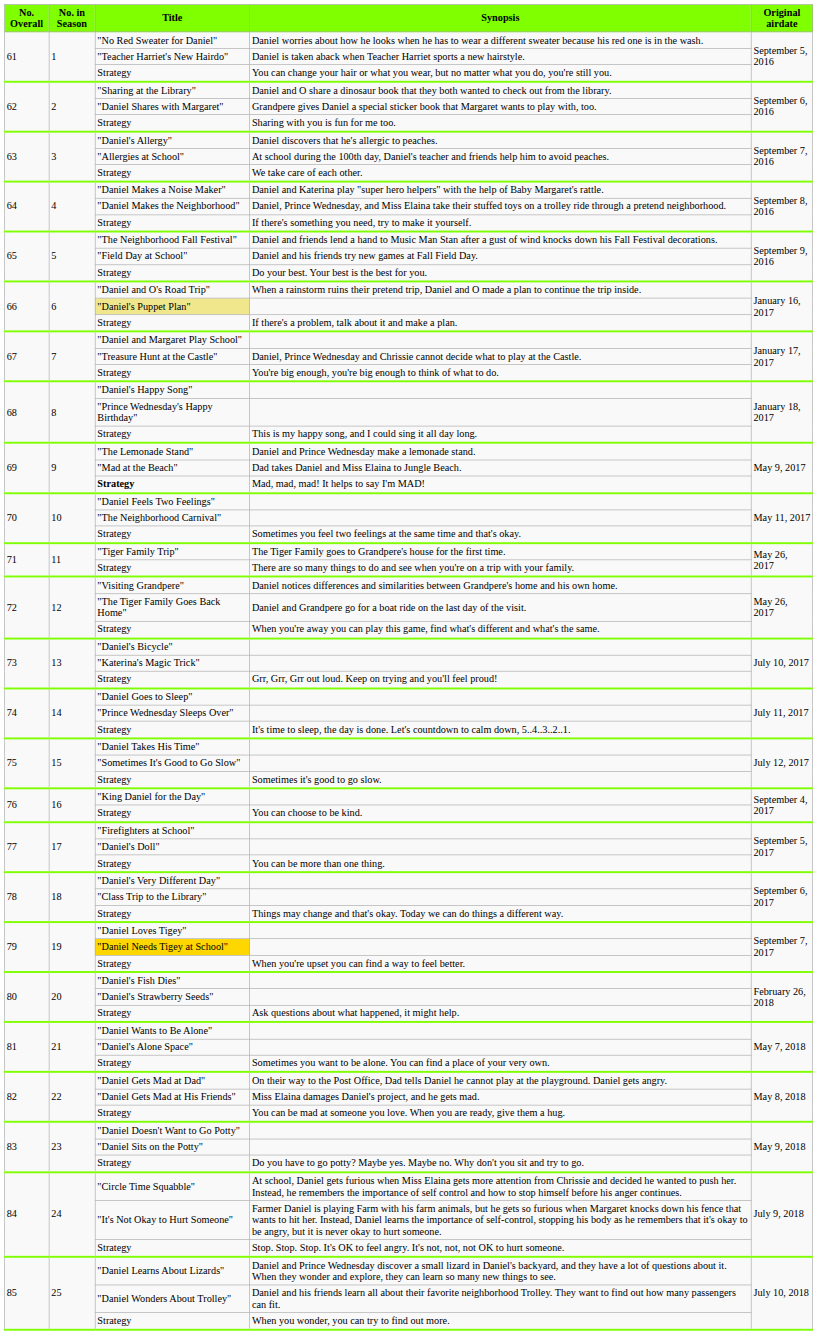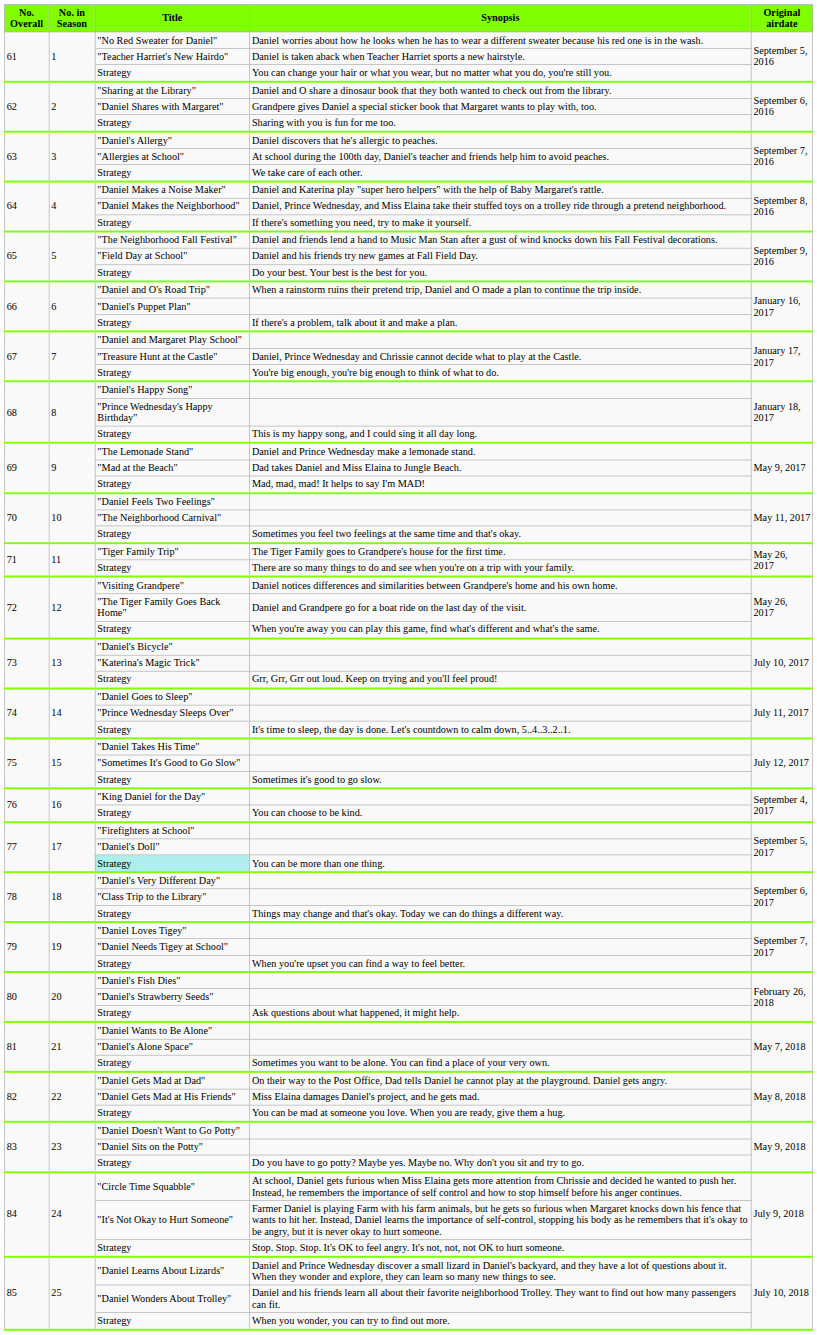 <table style="width:100%;" class="wikitable plainrowheaders">
 <tr>
 <th style="background:#7FFF00">No. Overall</th>
 <th style="background:#7FFF00">No. in Season</th>
 <th style="background:#7FFF00">Title</th>
 <th style="background:#7FFF00">Synopsis</th>
 <th style="background:#7FFF00">Original airdate</th>
 </tr>
 <tr>
 <td rowspan="3" style="border-bottom: 3px solid #7FFF00;">61</td>
 <td rowspan="3" style="border-bottom: 3px solid #7FFF00;">1</td>
 <td style="white-space:nowrap">"No Red Sweater for Daniel"</td>
 <td>Daniel worries about how he looks when he has to wear a different sweater because his red one is in the wash.</td>
 <td rowspan="3" style="border-bottom: 3px solid #7FFF00;">September 5, 2016</td>
 </tr>
 <tr>
 <td>"Teacher Harriet's New Hairdo"</td>
 <td>Daniel is taken aback when Teacher Harriet sports a new hairstyle.</td>
 </tr>
 <tr>
 <td style="border-bottom: 3px solid #7FFF00;">Strategy</td>
 <td style="border-bottom: 3px solid #7FFF00;">You can change your hair or what you wear, but no matter what you do, you're still you.</td>
 </tr>
 <tr>
 <td rowspan="3" style="border-bottom: 3px solid #7FFF00;">62</td>
 <td rowspan="3" style="border-bottom: 3px solid #7FFF00;">2</td>
 <td style="white-space:nowrap">"Sharing at the Library"</td>
 <td>Daniel and O share a dinosaur book that they both wanted to check out from the library.</td>
 <td rowspan="3" style="border-bottom: 3px solid #7FFF00;">September 6, 2016</td>
 </tr>
 <tr>
 <td>"Daniel Shares with Margaret"</td>
 <td>Grandpere gives Daniel a special sticker book that Margaret wants to play with, too.</td>
 </tr>
 <tr>
 <td style="border-bottom: 3px solid #7FFF00;">Strategy</td>
 <td style="border-bottom: 3px solid #7FFF00;">Sharing with you is fun for me too.</td>
 </tr>
 <tr>
 <td rowspan="3" style="border-bottom: 3px solid #7FFF00;">63</td>
 <td rowspan="3" style="border-bottom: 3px solid #7FFF00;">3</td>
 <td style="white-space:nowrap">"Daniel's Allergy"</td>
 <td>Daniel discovers that he's allergic to peaches.</td>
 <td rowspan="3" style="border-bottom: 3px solid #7FFF00;">September 7, 2016</td>
 </tr>
 <tr>
 <td>"Allergies at School"</td>
 <td>At school during the 100th day, Daniel's teacher and friends help him to avoid peaches.</td>
 </tr>
 <tr>
 <td style="border-bottom: 3px solid #7FFF00;">Strategy</td>
 <td style="border-bottom: 3px solid #7FFF00;">We take care of each other.</td>
 </tr>
 <tr>
 <td rowspan="3" style="border-bottom: 3px solid #7FFF00;">64</td>
 <td rowspan="3" style="border-bottom: 3px solid #7FFF00;">4</td>
 <td style="white-space:nowrap">"Daniel Makes a Noise Maker"</td>
 <td>Daniel and Katerina play "super hero helpers" with the help of Baby Margaret's rattle.</td>
 <td rowspan="3" style="border-bottom: 3px solid #7FFF00;">September 8, 2016</td>
 </tr>
 <tr>
 <td>"Daniel Makes the Neighborhood"</td>
 <td>Daniel, Prince Wednesday, and Miss Elaina take their stuffed toys on a trolley ride through a pretend neighborhood.</td>
 </tr>
 <tr>
 <td style="border-bottom: 3px solid #7FFF00;">Strategy</td>
 <td style="border-bottom: 3px solid #7FFF00;">If there's something you need, try to make it yourself.</td>
 </tr>
 <tr>
 <td rowspan="3" style="border-bottom: 3px solid #7FFF00;">65</td>
 <td rowspan="3" style="border-bottom: 3px solid #7FFF00;">5</td>
 <td style="white-space:nowrap">"The Neighborhood Fall Festival"</td>
 <td>Daniel and friends lend a hand to Music Man Stan after a gust of wind knocks down his Fall Festival decorations.</td>
 <td rowspan="3" style="border-bottom: 3px solid #7FFF00;">September 9, 2016</td>
 </tr>
 <tr>
 <td>"Field Day at School"</td>
 <td>Daniel and his friends try new games at Fall Field Day.</td>
 </tr>
 <tr>
 <td style="border-bottom: 3px solid #7FFF00;">Strategy</td>
 <td style="border-bottom: 3px solid #7FFF00;">Do your best. Your best is the best for you.</td>
 </tr>
 <tr>
 <td rowspan="3" style="border-bottom: 3px solid #7FFF00;">66</td>
 <td rowspan="3" style="border-bottom: 3px solid #7FFF00;">6</td>
 <td style="white-space:nowrap">"Daniel and O's Road Trip"</td>
 <td>When a rainstorm ruins their pretend trip, Daniel and O made a plan to continue the trip inside.</td>
 <td rowspan="3" style="border-bottom: 3px solid #7FFF00;">January 16, 2017</td>
 </tr>
 <tr>
-<td style="background: khaki;">"Daniel's Puppet Plan"</td>
+<td>"Daniel's Puppet Plan"</td>
 <td></td>
 </tr>
 <tr>
 <td style="border-bottom: 3px solid #7FFF00;">Strategy</td>
 <td style="border-bottom: 3px solid #7FFF00;">If there's a problem, talk about it and make a plan.</td>
 </tr>
 <tr>
 <td rowspan="3" style="border-bottom: 3px solid #7FFF00;">67</td>
 <td rowspan="3" style="border-bottom: 3px solid #7FFF00;">7</td>
 <td style="white-space:nowrap">"Daniel and Margaret Play School"</td>
 <td></td>
 <td rowspan="3" style="border-bottom: 3px solid #7FFF00;">January 17, 2017</td>
 </tr>
 <tr>
 <td>"Treasure Hunt at the Castle"</td>
 <td>Daniel, Prince Wednesday and Chrissie cannot decide what to play at the Castle.</td>
 </tr>
 <tr>
 <td style="border-bottom: 3px solid #7FFF00;">Strategy</td>
 <td style="border-bottom: 3px solid #7FFF00;">You're big enough, you're big enough to think of what to do.</td>
 </tr>
 <tr>
 <td rowspan="3" style="border-bottom: 3px solid #7FFF00;">68</td>
 <td rowspan="3" style="border-bottom: 3px solid #7FFF00;">8</td>
 <td style="white-space:nowrap">"Daniel's Happy Song"</td>
 <td></td>
 <td rowspan="3" style="border-bottom: 3px solid #7FFF00;">January 18, 2017</td>
 </tr>
 <tr>
 <td>"Prince Wednesday's Happy Birthday"</td>
 <td></td>
 </tr>
 <tr>
 <td style="border-bottom: 3px solid #7FFF00;">Strategy</td>
 <td style="border-bottom: 3px solid #7FFF00;">This is my happy song, and I could sing it all day long.</td>
 </tr>
 <tr>
 <td rowspan="3" style="border-bottom: 3px solid #7FFF00;">69</td>
 <td rowspan="3" style="border-bottom: 3px solid #7FFF00;">9</td>
 <td style="white-space:nowrap">"The Lemonade Stand"</td>
 <td>Daniel and Prince Wednesday make a lemonade stand.</td>
 <td rowspan="3" style="border-bottom: 3px solid #7FFF00;">May 9, 2017</td>
 </tr>
 <tr>
 <td>"Mad at the Beach"</td>
 <td>Dad takes Daniel and Miss Elaina to Jungle Beach.</td>
 </tr>
 <tr>
-<td style="border-bottom: 3px solid #7FFF00;"><strong>Strategy</strong></td>
+<td style="border-bottom: 3px solid #7FFF00;">Strategy</td>
 <td style="border-bottom: 3px solid #7FFF00;">Mad, mad, mad! It helps to say I'm MAD!</td>
 </tr>
 <tr>
 <td rowspan="3" style="border-bottom: 3px solid #7FFF00;">70</td>
 <td rowspan="3" style="border-bottom: 3px solid #7FFF00;">10</td>
 <td style="white-space:nowrap">"Daniel Feels Two Feelings"</td>
 <td></td>
 <td rowspan="3" style="border-bottom: 3px solid #7FFF00;">May 11, 2017</td>
 </tr>
 <tr>
 <td>"The Neighborhood Carnival"</td>
 <td></td>
 </tr>
 <tr>
 <td style="border-bottom: 3px solid #7FFF00;">Strategy</td>
 <td style="border-bottom: 3px solid #7FFF00;">Sometimes you feel two feelings at the same time and that's okay.</td>
 </tr>
 <tr>
 <td rowspan="2" style="border-bottom: 3px solid #7FFF00;">71</td>
 <td rowspan="2" style="border-bottom: 3px solid #7FFF00;">11</td>
 <td style="white-space:nowrap">"Tiger Family Trip"</td>
 <td>The Tiger Family goes to Grandpere's house for the first time.</td>
 <td rowspan="2" style="border-bottom: 3px solid #7FFF00;">May 26, 2017</td>
 </tr>
 <tr>
 <td style="border-bottom: 3px solid #7FFF00;">Strategy</td>
 <td style="border-bottom: 3px solid #7FFF00;">There are so many things to do and see when you're on a trip with your family.</td>
 </tr>
 <tr>
 <td rowspan="3" style="border-bottom: 3px solid #7FFF00;">72</td>
 <td rowspan="3" style="border-bottom: 3px solid #7FFF00;">12</td>
 <td style="white-space:nowrap">"Visiting Grandpere"</td>
 <td>Daniel notices differences and similarities between Grandpere's home and his own home.</td>
 <td rowspan="3" style="border-bottom: 3px solid #7FFF00;">May 26, 2017</td>
 </tr>
 <tr>
 <td>"The Tiger Family Goes Back Home"</td>
 <td>Daniel and Grandpere go for a boat ride on the last day of the visit.</td>
 </tr>
 <tr>
 <td style="border-bottom: 3px solid #7FFF00;">Strategy</td>
 <td style="border-bottom: 3px solid #7FFF00;">When you're away you can play this game, find what's different and what's the same.</td>
 </tr>
 <tr>
 <td rowspan="3" style="border-bottom: 3px solid #7FFF00;">73</td>
 <td rowspan="3" style="border-bottom: 3px solid #7FFF00;">13</td>
 <td style="white-space:nowrap">"Daniel's Bicycle"</td>
 <td></td>
 <td rowspan="3" style="border-bottom: 3px solid #7FFF00;">July 10, 2017</td>
 </tr>
 <tr>
 <td>"Katerina's Magic Trick"</td>
 <td></td>
 </tr>
 <tr>
 <td style="border-bottom: 3px solid #7FFF00;">Strategy</td>
 <td style="border-bottom: 3px solid #7FFF00;">Grr, Grr, Grr out loud. Keep on trying and you'll feel proud!</td>
 </tr>
 <tr>
 <td rowspan="3" style="border-bottom: 3px solid #7FFF00;">74</td>
 <td rowspan="3" style="border-bottom: 3px solid #7FFF00;">14</td>
 <td style="white-space:nowrap">"Daniel Goes to Sleep"</td>
 <td></td>
 <td rowspan="3" style="border-bottom: 3px solid #7FFF00;">July 11, 2017</td>
 </tr>
 <tr>
 <td>"Prince Wednesday Sleeps Over"</td>
 <td></td>
 </tr>
 <tr>
 <td style="border-bottom: 3px solid #7FFF00;">Strategy</td>
 <td style="border-bottom: 3px solid #7FFF00;">It's time to sleep, the day is done. Let's countdown to calm down, 5..4..3..2..1.</td>
 </tr>
 <tr>
 <td rowspan="3" style="border-bottom: 3px solid #7FFF00;">75</td>
 <td rowspan="3" style="border-bottom: 3px solid #7FFF00;">15</td>
 <td style="white-space:nowrap">"Daniel Takes His Time"</td>
 <td></td>
 <td rowspan="3" style="border-bottom: 3px solid #7FFF00;">July 12, 2017</td>
 </tr>
 <tr>
 <td>"Sometimes It's Good to Go Slow"</td>
 <td></td>
 </tr>
 <tr>
 <td style="border-bottom: 3px solid #7FFF00;">Strategy</td>
 <td style="border-bottom: 3px solid #7FFF00;">Sometimes it's good to go slow.</td>
 </tr>
 <tr>
 <td rowspan="2" style="border-bottom: 3px solid #7FFF00;">76</td>
 <td rowspan="2" style="border-bottom: 3px solid #7FFF00;">16</td>
 <td style="white-space:nowrap">"King Daniel for the Day"</td>
 <td></td>
 <td rowspan="2" style="border-bottom: 3px solid #7FFF00;">September 4, 2017</td>
 </tr>
 <tr>
 <td style="border-bottom: 3px solid #7FFF00;">Strategy</td>
 <td style="border-bottom: 3px solid #7FFF00;">You can choose to be kind.</td>
 </tr>
 <tr>
 <td rowspan="3" style="border-bottom: 3px solid #7FFF00;">77</td>
 <td rowspan="3" style="border-bottom: 3px solid #7FFF00;">17</td>
 <td style="white-space:nowrap">"Firefighters at School"</td>
 <td></td>
 <td rowspan="3" style="border-bottom: 3px solid #7FFF00;">September 5, 2017</td>
 </tr>
 <tr>
 <td>"Daniel's Doll"</td>
 <td></td>
 </tr>
 <tr>
-<td style="border-bottom: 3px solid #7FFF00;">Strategy</td>
+<td style="background: paleturquoise; border-bottom: 3px solid #7FFF00;">Strategy</td>
 <td style="border-bottom: 3px solid #7FFF00;">You can be more than one thing.</td>
 </tr>
 <tr>
 <td rowspan="3" style="border-bottom: 3px solid #7FFF00;">78</td>
 <td rowspan="3" style="border-bottom: 3px solid #7FFF00;">18</td>
 <td style="white-space:nowrap">"Daniel's Very Different Day"</td>
 <td></td>
 <td rowspan="3" style="border-bottom: 3px solid #7FFF00;">September 6, 2017</td>
 </tr>
 <tr>
 <td>"Class Trip to the Library"</td>
 <td></td>
 </tr>
 <tr>
 <td style="border-bottom: 3px solid #7FFF00;">Strategy</td>
 <td style="border-bottom: 3px solid #7FFF00;">Things may change and that's okay. Today we can do things a different way.</td>
 </tr>
 <tr>
 <td rowspan="3" style="border-bottom: 3px solid #7FFF00;">79</td>
 <td rowspan="3" style="border-bottom: 3px solid #7FFF00;">19</td>
 <td style="white-space:nowrap">"Daniel Loves Tigey"</td>
 <td></td>
 <td rowspan="3" style="border-bottom: 3px solid #7FFF00;">September 7, 2017</td>
 </tr>
 <tr>
-<td style="background: gold;">"Daniel Needs Tigey at School"</td>
+<td>"Daniel Needs Tigey at School"</td>
 <td></td>
 </tr>
 <tr>
 <td style="border-bottom: 3px solid #7FFF00;">Strategy</td>
 <td style="border-bottom: 3px solid #7FFF00;">When you're upset you can find a way to feel better.</td>
 </tr>
 <tr>
 <td rowspan="3" style="border-bottom: 3px solid #7FFF00;">80</td>
 <td rowspan="3" style="border-bottom: 3px solid #7FFF00;">20</td>
 <td style="white-space:nowrap">"Daniel's Fish Dies"</td>
 <td></td>
 <td rowspan="3" style="border-bottom: 3px solid #7FFF00;">February 26, 2018</td>
 </tr>
 <tr>
 <td>"Daniel's Strawberry Seeds"</td>
 <td></td>
 </tr>
 <tr>
 <td style="border-bottom: 3px solid #7FFF00;">Strategy</td>
 <td style="border-bottom: 3px solid #7FFF00;">Ask questions about what happened, it might help.</td>
 </tr>
 <tr>
 <td rowspan="3" style="border-bottom: 3px solid #7FFF00;">81</td>
 <td rowspan="3" style="border-bottom: 3px solid #7FFF00;">21</td>
 <td style="white-space:nowrap">"Daniel Wants to Be Alone"</td>
 <td></td>
 <td rowspan="3" style="border-bottom: 3px solid #7FFF00;">May 7, 2018</td>
 </tr>
 <tr>
 <td>"Daniel's Alone Space"</td>
 <td></td>
 </tr>
 <tr>
 <td style="border-bottom: 3px solid #7FFF00;">Strategy</td>
 <td style="border-bottom: 3px solid #7FFF00;">Sometimes you want to be alone. You can find a place of your very own.</td>
 </tr>
 <tr>
 <td rowspan="3" style="border-bottom: 3px solid #7FFF00;">82</td>
 <td rowspan="3" style="border-bottom: 3px solid #7FFF00;">22</td>
 <td style="white-space: nowrap">"Daniel Gets Mad at Dad"</td>
 <td>On their way to the Post Office, Dad tells Daniel he cannot play at the playground. Daniel gets angry.</td>
 <td rowspan="3" style="border-bottom: 3px solid #7FFF00;">May 8, 2018</td>
 </tr>
 <tr>
 <td>"Daniel Gets Mad at His Friends"</td>
 <td>Miss Elaina damages Daniel's project, and he gets mad.</td>
 </tr>
 <tr>
 <td style="border-bottom: 3px solid #7FFF00;">Strategy</td>
 <td style="border-bottom: 3px solid #7FFF00;">You can be mad at someone you love. When you are ready, give them a hug.</td>
 </tr>
 <tr>
 <td rowspan="3" style="border-bottom: 3px solid #7FFF00;">83</td>
 <td rowspan="3" style="border-bottom: 3px solid #7FFF00;">23</td>
 <td style="white-space: nowrap">"Daniel Doesn't Want to Go Potty"</td>
 <td></td>
 <td rowspan="3" style="border-bottom: 3px solid #7FFF00;">May 9, 2018</td>
 </tr>
 <tr>
 <td>"Daniel Sits on the Potty"</td>
 <td></td>
 </tr>
 <tr>
 <td style="border-bottom: 3px solid #7FFF00;">Strategy</td>
 <td style="border-bottom: 3px solid #7FFF00;">Do you have to go potty? Maybe yes. Maybe no. Why don't you sit and try to go.</td>
 </tr>
 <tr>
 <td rowspan="3" style="border-bottom: 3px solid #7FFF00;">84</td>
 <td rowspan="3" style="border-bottom: 3px solid #7FFF00;">24</td>
 <td style="white-space: nowrap">"Circle Time Squabble"</td>
 <td>At school, Daniel gets furious when Miss Elaina gets more attention from Chrissie and decided he wanted to push her. Instead, he remembers the importance of self control and how to stop himself before his anger continues.</td>
 <td rowspan="3" style="border-bottom: 3px solid #7FFF00;">July 9, 2018</td>
 </tr>
 <tr>
 <td>"It's Not Okay to Hurt Someone"</td>
 <td>Farmer Daniel is playing Farm with his farm animals, but he gets so furious when Margaret knocks down his fence that wants to hit her. Instead, Daniel learns the importance of self-control, stopping his body as he remembers that it's okay to be angry, but it is never okay to hurt someone.</td>
 </tr>
 <tr>
 <td style="border-bottom: 3px solid #7FFF00;">Strategy</td>
 <td style="border-bottom: 3px solid #7FFF00;">Stop. Stop. Stop. It's OK to feel angry. It's not, not, not OK to hurt someone.</td>
 </tr>
 <tr>
 <td rowspan="3" style="border-bottom: 3px solid #7FFF00;">85</td>
 <td rowspan="3" style="border-bottom: 3px solid #7FFF00;">25</td>
 <td style="white-space: nowrap">"Daniel Learns About Lizards"</td>
 <td>Daniel and Prince Wednesday discover a small lizard in Daniel's backyard, and they have a lot of questions about it. When they wonder and explore, they can learn so many new things to see.</td>
 <td rowspan="3" style="border-bottom: 3px solid #7FFF00;">July 10, 2018</td>
 </tr>
 <tr>
 <td>"Daniel Wonders About Trolley"</td>
 <td>Daniel and his friends learn all about their favorite neighborhood Trolley. They want to find out how many passengers can fit.</td>
 </tr>
 <tr>
 <td style="border-bottom: 3px solid #7FFF00;">Strategy</td>
 <td style="border-bottom: 3px solid #7FFF00;">When you wonder, you can try to find out more.</td>
 </tr>
 </table>
